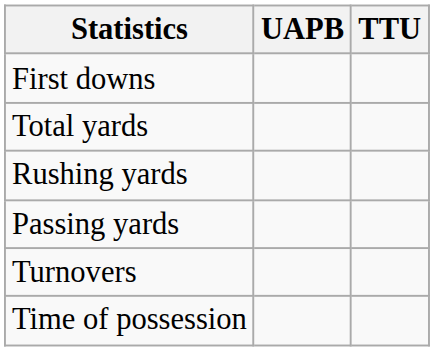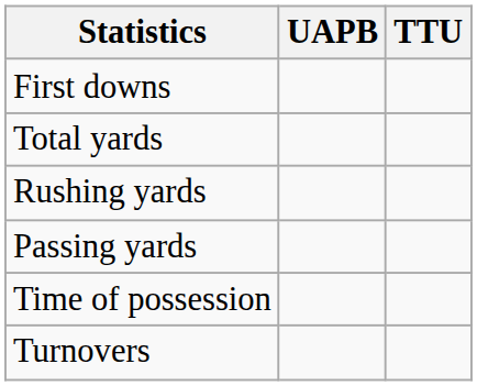 <table class="wikitable" style="float:left">
 <tr>
 <th>Statistics</th>
 <th>UAPB</th>
 <th>TTU</th>
 </tr>
 <tr>
 <td>First downs</td>
 <td></td>
 <td></td>
 </tr>
 <tr>
 <td>Total yards</td>
 <td></td>
 <td></td>
 </tr>
 <tr>
 <td>Rushing yards</td>
 <td></td>
 <td></td>
 </tr>
 <tr>
 <td>Passing yards</td>
 <td></td>
 <td></td>
 </tr>
 <tr>
+<td>Time of possession</td>
+<td></td>
+<td></td>
+</tr>
+<tr>
 <td>Turnovers</td>
 <td></td>
 <td></td>
 </tr>
-<tr>
-<td>Time of possession</td>
-<td></td>
-<td></td>
-</tr>
 </table>
